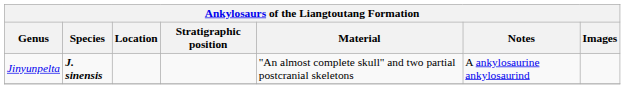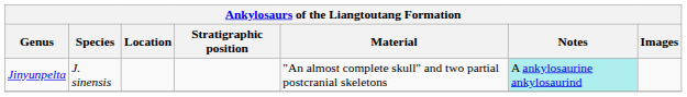 <table class="wikitable" align="center">
 <tr>
 <th colspan="7" align="center"><a href='#'>Ankylosaurs</a> of the Liangtoutang Formation</th>
 </tr>
 <tr>
 <th>Genus</th>
 <th>Species</th>
 <th>Location</th>
 <th>Stratigraphic position</th>
 <th>Material</th>
 <th>Notes</th>
 <th>Images</th>
 </tr>
 <tr>
 <td><em><a href='#'>Jinyunpelta</a></em></td>
-<td><strong><em>J. sinensis</em></strong></td>
+<td><em>J. sinensis</em></td>
 <td></td>
 <td></td>
 <td>"An almost complete skull" and two partial postcranial skeletons</td>
-<td>A <a href='#'>ankylosaurine ankylosaurind</a></td>
+<td style="background: paleturquoise;">A <a href='#'>ankylosaurine ankylosaurind</a></td>
 <td></td>
 </tr>
 <tr>
 </tr>
 </table>
